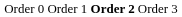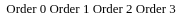 <table align="center">
 <tr>
 <td></td>
 <td></td>
 <td></td>
 <td></td>
 </tr>
 <tr>
 <td align="center">Order 0</td>
 <td align="center">Order 1</td>
-<td align="center"><strong>Order 2</strong></td>
+<td align="center">Order 2</td>
 <td align="center">Order 3</td>
 </tr>
 </table>
